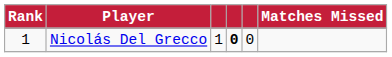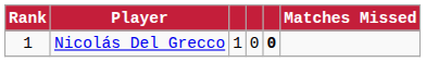 <table class="wikitable" style="text-align:center">
 <tr>
 <th style="background:#C41E3A; color:white;">Rank</th>
 <th style="background:#C41E3A; color:white;">Player</th>
 <th style="background:#C41E3A; color:white;"></th>
 <th style="background:#C41E3A; color:white;"></th>
 <th style="background:#C41E3A; color:white;"></th>
 <th style="background:#C41E3A; color:white;">Matches Missed</th>
 </tr>
 <tr>
 </tr>
 <tr>
 <td>1</td>
 <td><a href='#'>Nicolás Del Grecco</a></td>
 <td>1</td>
+<td>0</td>
 <td><strong>0</strong></td>
-<td>0</td>
 <td></td>
 </tr>
 <tr>
 </tr>
 </table>
